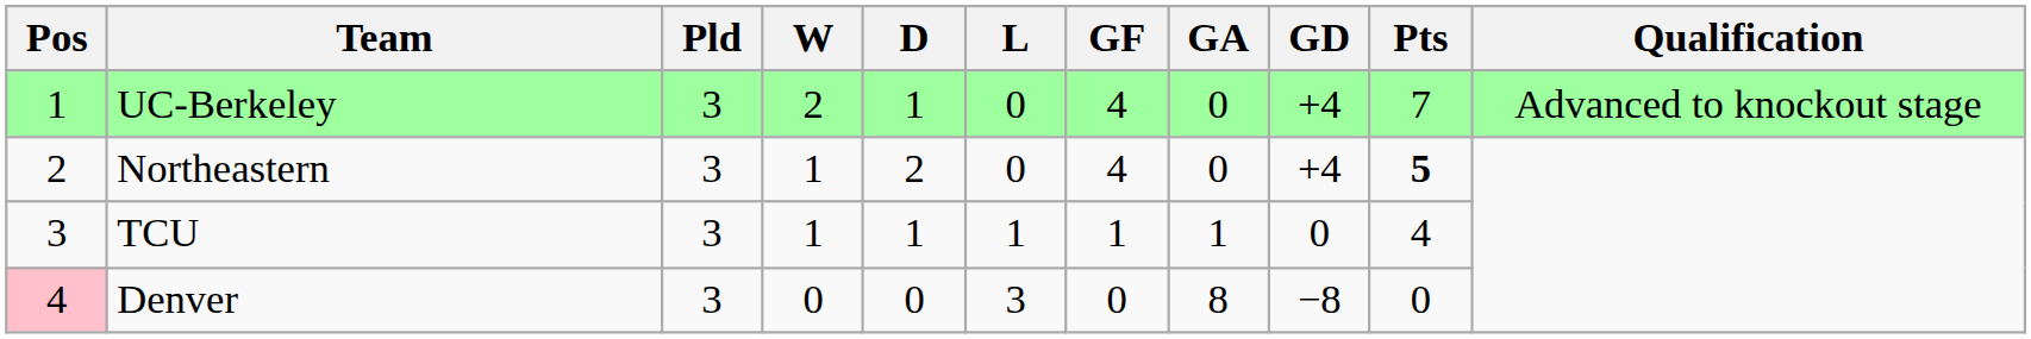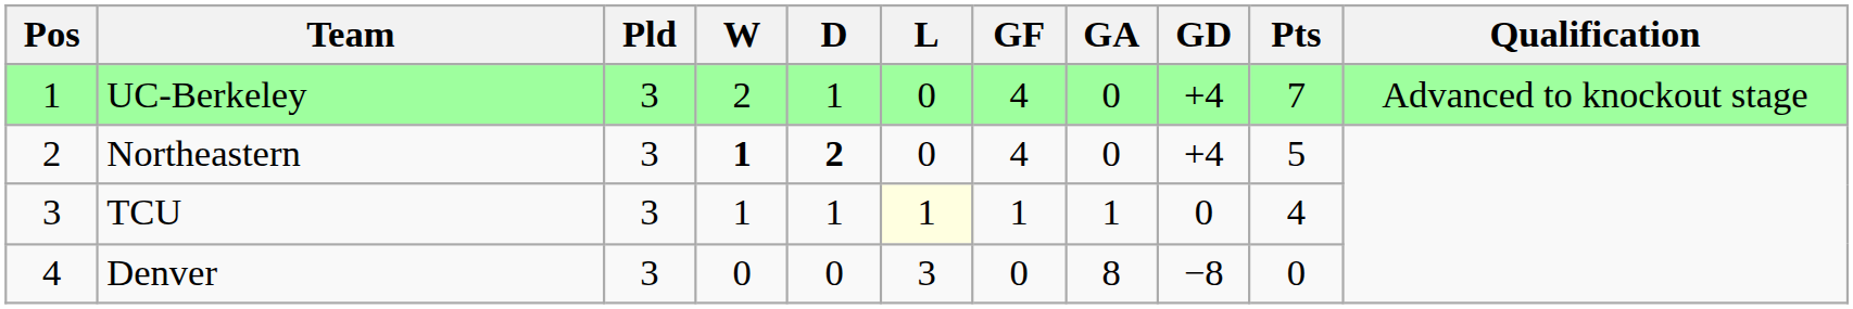 <table class="wikitable" style="text-align:center; margin: 1em auto">
 <tr>
 <th style="width:2em">Pos</th>
 <th style="width:13em">Team</th>
 <th style="width:2em">Pld</th>
 <th style="width:2em">W</th>
 <th style="width:2em">D</th>
 <th style="width:2em">L</th>
 <th style="width:2em">GF</th>
 <th style="width:2em">GA</th>
 <th style="width:2em">GD</th>
 <th style="width:2em">Pts</th>
 <th style="width:13em">Qualification</th>
 </tr>
 <tr bgcolor="#9eff9e">
 <td>1</td>
 <td style="text-align:left">UC-Berkeley</td>
 <td>3</td>
 <td>2</td>
 <td>1</td>
 <td>0</td>
 <td>4</td>
 <td>0</td>
 <td>+4</td>
 <td>7</td>
 <td>Advanced to knockout stage</td>
 </tr>
 <tr>
 <td>2</td>
 <td style="text-align:left">Northeastern</td>
 <td>3</td>
-<td>1</td>
-<td>2</td>
+<td><strong>1</strong></td>
+<td><strong>2</strong></td>
 <td>0</td>
 <td>4</td>
 <td>0</td>
 <td>+4</td>
-<td><strong>5</strong></td>
+<td>5</td>
 </tr>
 <tr>
 <td>3</td>
 <td style="text-align:left">TCU</td>
 <td>3</td>
 <td>1</td>
 <td>1</td>
-<td>1</td>
+<td style="background: lightyellow;">1</td>
 <td>1</td>
 <td>1</td>
 <td>0</td>
 <td>4</td>
 </tr>
 <tr>
-<td style="background: pink;">4</td>
+<td>4</td>
 <td style="text-align:left">Denver</td>
 <td>3</td>
 <td>0</td>
 <td>0</td>
 <td>3</td>
 <td>0</td>
 <td>8</td>
 <td>−8</td>
 <td>0</td>
 </tr>
 </table>
